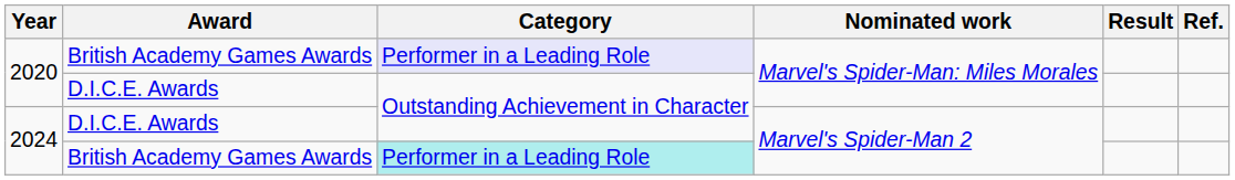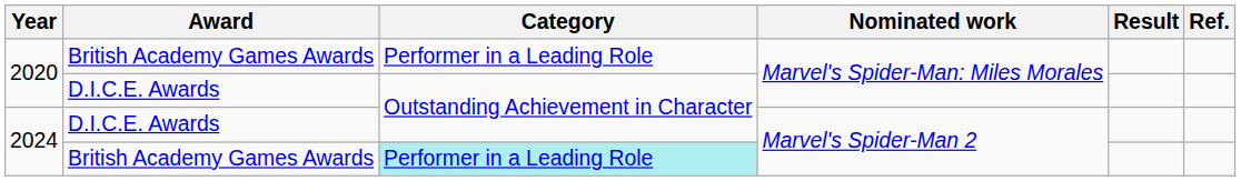 <table class=wikitable>
 <tr>
 <th scope="col">Year</th>
 <th scope="col">Award</th>
 <th scope="col">Category</th>
 <th scope="col">Nominated work</th>
 <th scope="col">Result</th>
 <th>Ref.</th>
 </tr>
 <tr>
 <td rowspan="2" style="text-align:center;">2020</td>
 <td><a href='#'>British Academy Games Awards</a></td>
-<td style="background: lavender;"><a href='#'>Performer in a Leading Role</a></td>
+<td><a href='#'>Performer in a Leading Role</a></td>
 <td rowspan="2"><em><a href='#'>Marvel's Spider-Man: Miles Morales</a></em></td>
 <td></td>
 <td style="text-align:center;"></td>
 </tr>
 <tr>
 <td><a href='#'>D.I.C.E. Awards</a></td>
 <td rowspan="2"><a href='#'>Outstanding Achievement in Character</a></td>
 <td></td>
 <td style="text-align:center;"></td>
 </tr>
 <tr>
 <td rowspan="2" style="text-align:center;">2024</td>
 <td><a href='#'>D.I.C.E. Awards</a></td>
 <td rowspan="2"><em><a href='#'>Marvel's Spider-Man 2</a></em></td>
 <td></td>
 <td style="text-align:center;"></td>
 </tr>
 <tr>
 <td><a href='#'>British Academy Games Awards</a></td>
 <td style="background: paleturquoise;"><a href='#'>Performer in a Leading Role</a></td>
 <td></td>
 <td style="text-align:center;"></td>
 </tr>
 </table>
